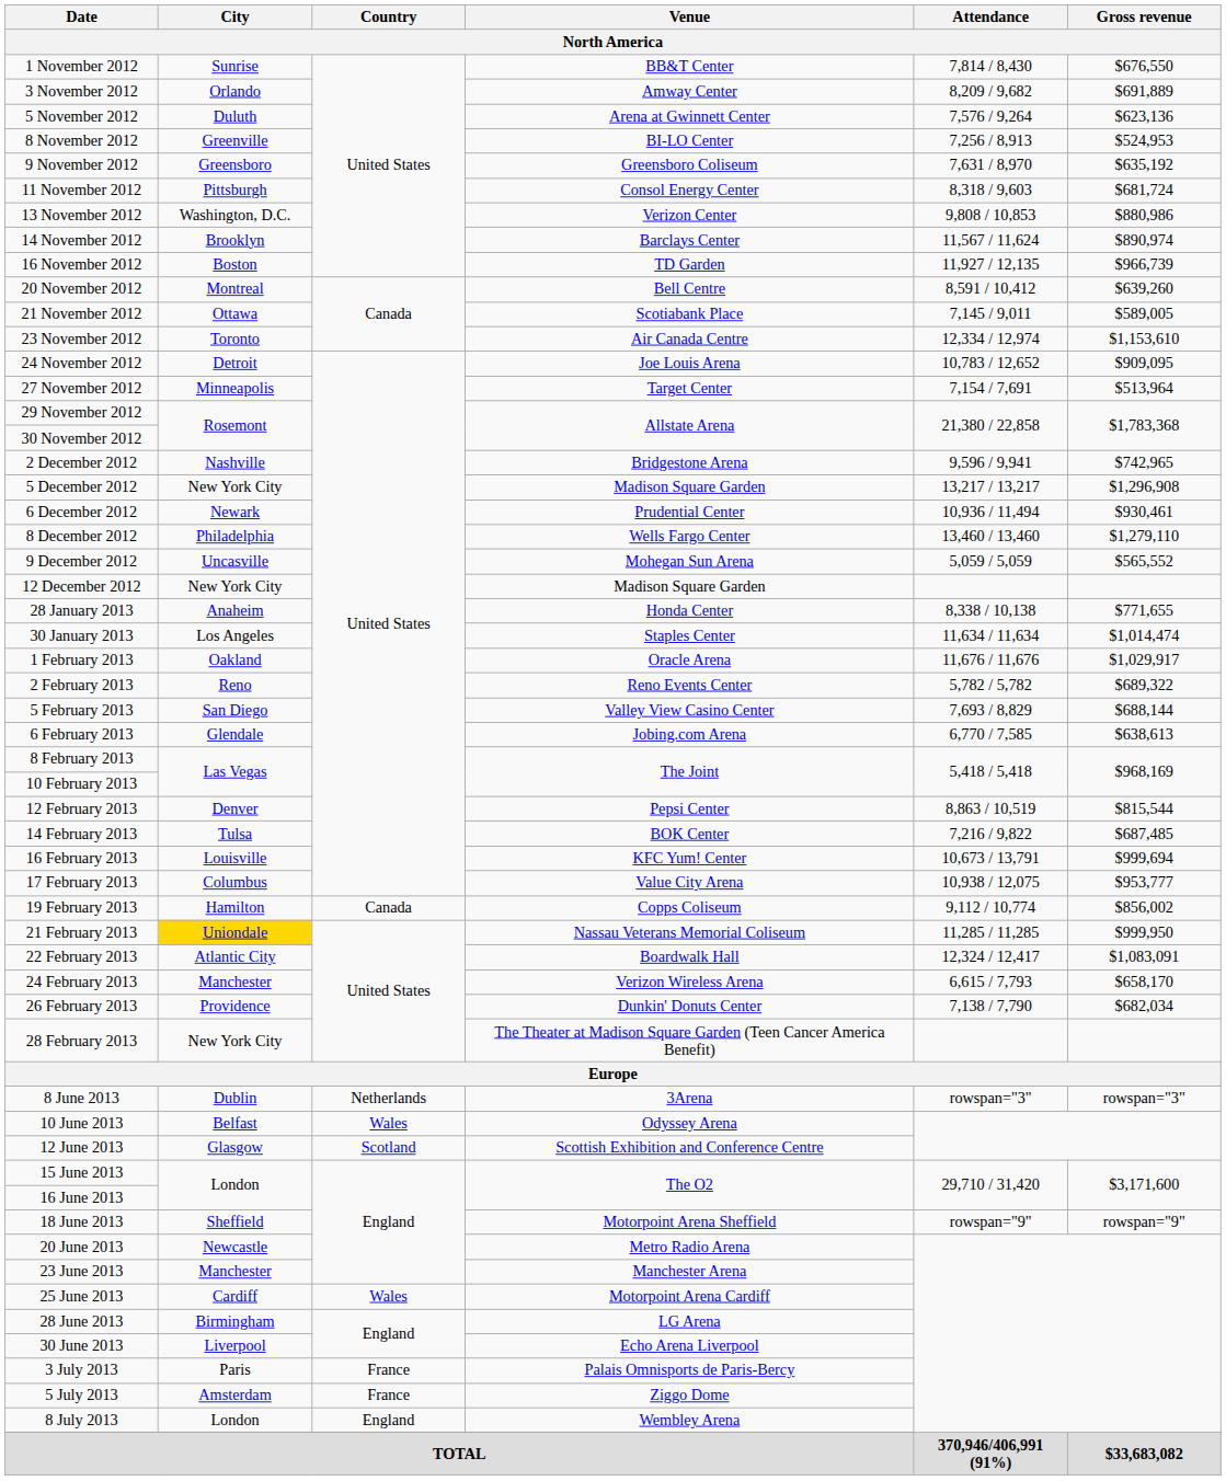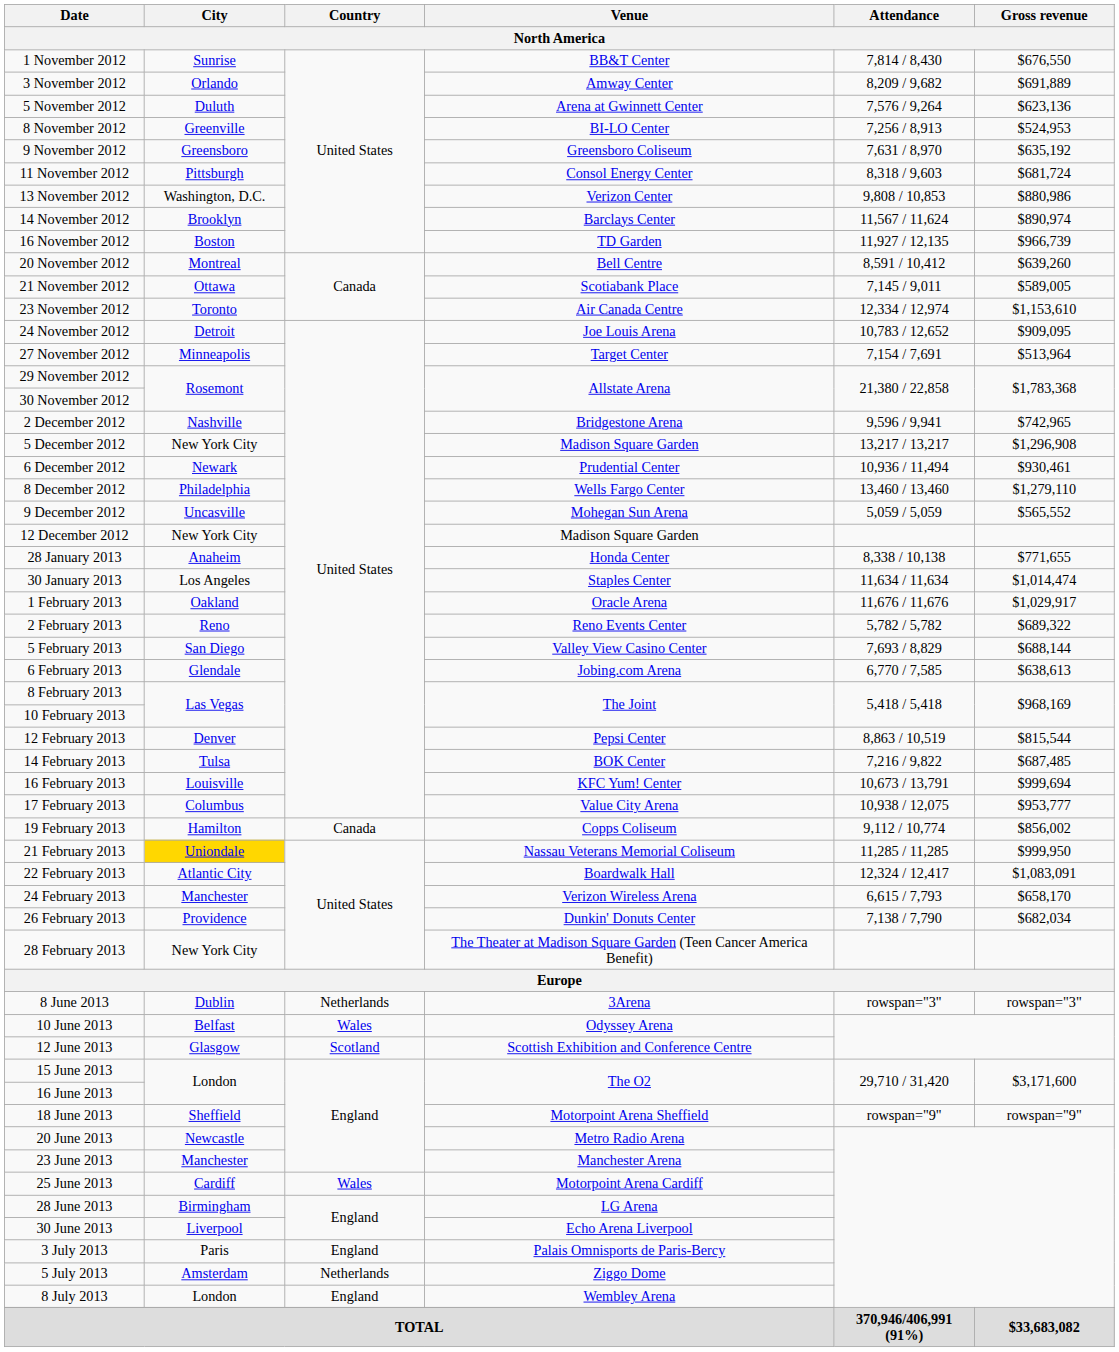 <table class="wikitable" style="text-align:center;">
 <tr>
 <th width="150">Date</th>
 <th width="150">City</th>
 <th width="150">Country</th>
 <th>Venue</th>
 <th width="150">Attendance</th>
 <th width="150">Gross revenue</th>
 </tr>
 <tr>
 <th colspan="6"><strong>North America</strong></th>
 </tr>
 <tr>
 <td>1 November 2012</td>
 <td><a href='#'>Sunrise</a></td>
 <td rowspan="9">United States</td>
 <td><a href='#'>BB&T Center</a></td>
 <td>7,814 / 8,430</td>
 <td>$676,550</td>
 </tr>
 <tr>
 <td>3 November 2012</td>
 <td><a href='#'>Orlando</a></td>
 <td><a href='#'>Amway Center</a></td>
 <td>8,209 / 9,682</td>
 <td>$691,889</td>
 </tr>
 <tr>
 <td>5 November 2012</td>
 <td><a href='#'>Duluth</a></td>
 <td><a href='#'>Arena at Gwinnett Center</a></td>
 <td>7,576 / 9,264</td>
 <td>$623,136</td>
 </tr>
 <tr>
 <td>8 November 2012</td>
 <td><a href='#'>Greenville</a></td>
 <td><a href='#'>BI-LO Center</a></td>
 <td>7,256 / 8,913</td>
 <td>$524,953</td>
 </tr>
 <tr>
 <td>9 November 2012</td>
 <td><a href='#'>Greensboro</a></td>
 <td><a href='#'>Greensboro Coliseum</a></td>
 <td>7,631 / 8,970</td>
 <td>$635,192</td>
 </tr>
 <tr>
 <td>11 November 2012</td>
 <td><a href='#'>Pittsburgh</a></td>
 <td><a href='#'>Consol Energy Center</a></td>
 <td>8,318 / 9,603</td>
 <td>$681,724</td>
 </tr>
 <tr>
 <td>13 November 2012</td>
 <td>Washington, D.C.</td>
 <td><a href='#'>Verizon Center</a></td>
 <td>9,808 / 10,853</td>
 <td>$880,986</td>
 </tr>
 <tr>
 <td>14 November 2012</td>
 <td><a href='#'>Brooklyn</a></td>
 <td><a href='#'>Barclays Center</a></td>
 <td>11,567 / 11,624</td>
 <td>$890,974</td>
 </tr>
 <tr>
 <td>16 November 2012</td>
 <td><a href='#'>Boston</a></td>
 <td><a href='#'>TD Garden</a></td>
 <td>11,927 / 12,135</td>
 <td>$966,739</td>
 </tr>
 <tr>
 <td>20 November 2012</td>
 <td><a href='#'>Montreal</a></td>
 <td rowspan="3">Canada</td>
 <td><a href='#'>Bell Centre</a></td>
 <td>8,591 / 10,412</td>
 <td>$639,260</td>
 </tr>
 <tr>
 <td>21 November 2012</td>
 <td><a href='#'>Ottawa</a></td>
 <td><a href='#'>Scotiabank Place</a></td>
 <td>7,145 / 9,011</td>
 <td>$589,005</td>
 </tr>
 <tr>
 <td>23 November 2012</td>
 <td><a href='#'>Toronto</a></td>
 <td><a href='#'>Air Canada Centre</a></td>
 <td>12,334 / 12,974</td>
 <td>$1,153,610</td>
 </tr>
 <tr>
 <td>24 November 2012</td>
 <td><a href='#'>Detroit</a></td>
 <td rowspan="22">United States</td>
 <td><a href='#'>Joe Louis Arena</a></td>
 <td>10,783 / 12,652</td>
 <td>$909,095</td>
 </tr>
 <tr>
 <td>27 November 2012</td>
 <td><a href='#'>Minneapolis</a></td>
 <td><a href='#'>Target Center</a></td>
 <td>7,154 / 7,691</td>
 <td>$513,964</td>
 </tr>
 <tr>
 <td>29 November 2012</td>
 <td rowspan="2"><a href='#'>Rosemont</a></td>
 <td rowspan="2"><a href='#'>Allstate Arena</a></td>
 <td rowspan="2">21,380 / 22,858</td>
 <td rowspan="2">$1,783,368</td>
 </tr>
 <tr>
 <td>30 November 2012</td>
 </tr>
 <tr>
 <td>2 December 2012</td>
 <td><a href='#'>Nashville</a></td>
 <td><a href='#'>Bridgestone Arena</a></td>
 <td>9,596 / 9,941</td>
 <td>$742,965</td>
 </tr>
 <tr>
 <td>5 December 2012</td>
 <td>New York City</td>
 <td><a href='#'>Madison Square Garden</a></td>
 <td>13,217 / 13,217</td>
 <td>$1,296,908</td>
 </tr>
 <tr>
 <td>6 December 2012</td>
 <td><a href='#'>Newark</a></td>
 <td><a href='#'>Prudential Center</a></td>
 <td>10,936 / 11,494</td>
 <td>$930,461</td>
 </tr>
 <tr>
 <td>8 December 2012</td>
 <td><a href='#'>Philadelphia</a></td>
 <td><a href='#'>Wells Fargo Center</a></td>
 <td>13,460 / 13,460</td>
 <td>$1,279,110</td>
 </tr>
 <tr>
 <td>9 December 2012</td>
 <td><a href='#'>Uncasville</a></td>
 <td><a href='#'>Mohegan Sun Arena</a></td>
 <td>5,059 / 5,059</td>
 <td>$565,552</td>
 </tr>
 <tr>
 <td>12 December 2012</td>
 <td>New York City</td>
 <td>Madison Square Garden</td>
 <td></td>
 <td></td>
 </tr>
 <tr>
 <td>28 January 2013</td>
 <td><a href='#'>Anaheim</a></td>
 <td><a href='#'>Honda Center</a></td>
 <td>8,338 / 10,138</td>
 <td>$771,655</td>
 </tr>
 <tr>
 <td>30 January 2013</td>
 <td>Los Angeles</td>
 <td><a href='#'>Staples Center</a></td>
 <td>11,634 / 11,634</td>
 <td>$1,014,474</td>
 </tr>
 <tr>
 <td>1 February 2013</td>
 <td><a href='#'>Oakland</a></td>
 <td><a href='#'>Oracle Arena</a></td>
 <td>11,676 / 11,676</td>
 <td>$1,029,917</td>
 </tr>
 <tr>
 <td>2 February 2013</td>
 <td><a href='#'>Reno</a></td>
 <td><a href='#'>Reno Events Center</a></td>
 <td>5,782 / 5,782</td>
 <td>$689,322</td>
 </tr>
 <tr>
 <td>5 February 2013</td>
 <td><a href='#'>San Diego</a></td>
 <td><a href='#'>Valley View Casino Center</a></td>
 <td>7,693 / 8,829</td>
 <td>$688,144</td>
 </tr>
 <tr>
 <td>6 February 2013</td>
 <td><a href='#'>Glendale</a></td>
 <td><a href='#'>Jobing.com Arena</a></td>
 <td>6,770 / 7,585</td>
 <td>$638,613</td>
 </tr>
 <tr>
 <td>8 February 2013</td>
 <td rowspan="2"><a href='#'>Las Vegas</a></td>
 <td rowspan="2"><a href='#'>The Joint</a></td>
 <td rowspan="2">5,418 / 5,418</td>
 <td rowspan="2">$968,169</td>
 </tr>
 <tr>
 <td>10 February 2013</td>
 </tr>
 <tr>
 <td>12 February 2013</td>
 <td><a href='#'>Denver</a></td>
 <td><a href='#'>Pepsi Center</a></td>
 <td>8,863 / 10,519</td>
 <td>$815,544</td>
 </tr>
 <tr>
 <td>14 February 2013</td>
 <td><a href='#'>Tulsa</a></td>
 <td><a href='#'>BOK Center</a></td>
 <td>7,216 / 9,822</td>
 <td>$687,485</td>
 </tr>
 <tr>
 <td>16 February 2013</td>
 <td><a href='#'>Louisville</a></td>
 <td><a href='#'>KFC Yum! Center</a></td>
 <td>10,673 / 13,791</td>
 <td>$999,694</td>
 </tr>
 <tr>
 <td>17 February 2013</td>
 <td><a href='#'>Columbus</a></td>
 <td><a href='#'>Value City Arena</a></td>
 <td>10,938 / 12,075</td>
 <td>$953,777</td>
 </tr>
 <tr>
 <td>19 February 2013</td>
 <td><a href='#'>Hamilton</a></td>
 <td>Canada</td>
 <td><a href='#'>Copps Coliseum</a></td>
 <td>9,112 / 10,774</td>
 <td>$856,002</td>
 </tr>
 <tr>
 <td>21 February 2013</td>
 <td style="background: gold;"><a href='#'>Uniondale</a></td>
 <td rowspan="5">United States</td>
 <td><a href='#'>Nassau Veterans Memorial Coliseum</a></td>
 <td>11,285 / 11,285</td>
 <td>$999,950</td>
 </tr>
 <tr>
 <td>22 February 2013</td>
 <td><a href='#'>Atlantic City</a></td>
 <td><a href='#'>Boardwalk Hall</a></td>
 <td>12,324 / 12,417</td>
 <td>$1,083,091</td>
 </tr>
 <tr>
 <td>24 February 2013</td>
 <td><a href='#'>Manchester</a></td>
 <td><a href='#'>Verizon Wireless Arena</a></td>
 <td>6,615 / 7,793</td>
 <td>$658,170</td>
 </tr>
 <tr>
 <td>26 February 2013</td>
 <td><a href='#'>Providence</a></td>
 <td><a href='#'>Dunkin' Donuts Center</a></td>
 <td>7,138 / 7,790</td>
 <td>$682,034</td>
 </tr>
 <tr>
 <td>28 February 2013</td>
 <td>New York City</td>
 <td><a href='#'>The Theater at Madison Square Garden</a> (Teen Cancer America Benefit)</td>
 <td></td>
 <td></td>
 </tr>
 <tr>
 <th colspan="6"><strong>Europe</strong></th>
 </tr>
 <tr>
 <td>8 June 2013</td>
 <td><a href='#'>Dublin</a></td>
 <td>Netherlands</td>
 <td><a href='#'>3Arena</a></td>
 <td>rowspan="3" </td>
 <td>rowspan="3" </td>
 </tr>
 <tr>
 <td>10 June 2013</td>
 <td><a href='#'>Belfast</a></td>
 <td><a href='#'>Wales</a></td>
 <td><a href='#'>Odyssey Arena</a></td>
 </tr>
 <tr>
 <td>12 June 2013</td>
 <td><a href='#'>Glasgow</a></td>
 <td><a href='#'>Scotland</a></td>
 <td><a href='#'>Scottish Exhibition and Conference Centre</a></td>
 </tr>
 <tr>
 <td>15 June 2013</td>
 <td rowspan="2">London</td>
 <td rowspan="5">England</td>
 <td rowspan="2"><a href='#'>The O2</a></td>
 <td rowspan="2">29,710 / 31,420</td>
 <td rowspan="2">$3,171,600</td>
 </tr>
 <tr>
 <td>16 June 2013</td>
 </tr>
 <tr>
 <td>18 June 2013</td>
 <td><a href='#'>Sheffield</a></td>
 <td><a href='#'>Motorpoint Arena Sheffield</a></td>
 <td>rowspan="9" </td>
 <td>rowspan="9" </td>
 </tr>
 <tr>
 <td>20 June 2013</td>
 <td><a href='#'>Newcastle</a></td>
 <td><a href='#'>Metro Radio Arena</a></td>
 </tr>
 <tr>
 <td>23 June 2013</td>
 <td><a href='#'>Manchester</a></td>
 <td><a href='#'>Manchester Arena</a></td>
 </tr>
 <tr>
 <td>25 June 2013</td>
 <td><a href='#'>Cardiff</a></td>
 <td><a href='#'>Wales</a></td>
 <td><a href='#'>Motorpoint Arena Cardiff</a></td>
 </tr>
 <tr>
 <td>28 June 2013</td>
 <td><a href='#'>Birmingham</a></td>
 <td rowspan="2">England</td>
 <td><a href='#'>LG Arena</a></td>
 </tr>
 <tr>
 <td>30 June 2013</td>
 <td><a href='#'>Liverpool</a></td>
 <td><a href='#'>Echo Arena Liverpool</a></td>
 </tr>
 <tr>
 <td>3 July 2013</td>
 <td>Paris</td>
-<td>France</td>
+<td>England</td>
 <td><a href='#'>Palais Omnisports de Paris-Bercy</a></td>
 </tr>
 <tr>
 <td>5 July 2013</td>
 <td><a href='#'>Amsterdam</a></td>
-<td>France</td>
+<td>Netherlands</td>
 <td><a href='#'>Ziggo Dome</a></td>
 </tr>
 <tr>
 <td>8 July 2013</td>
 <td>London</td>
 <td>England</td>
 <td><a href='#'>Wembley Arena</a></td>
 </tr>
 <tr>
 </tr>
 <tr style="background:#ddd;">
 <td colspan="4"><strong>TOTAL</strong></td>
 <td><strong>370,946/406,991 (91%)</strong></td>
 <td><strong>$33,683,082</strong></td>
 </tr>
 </table>
